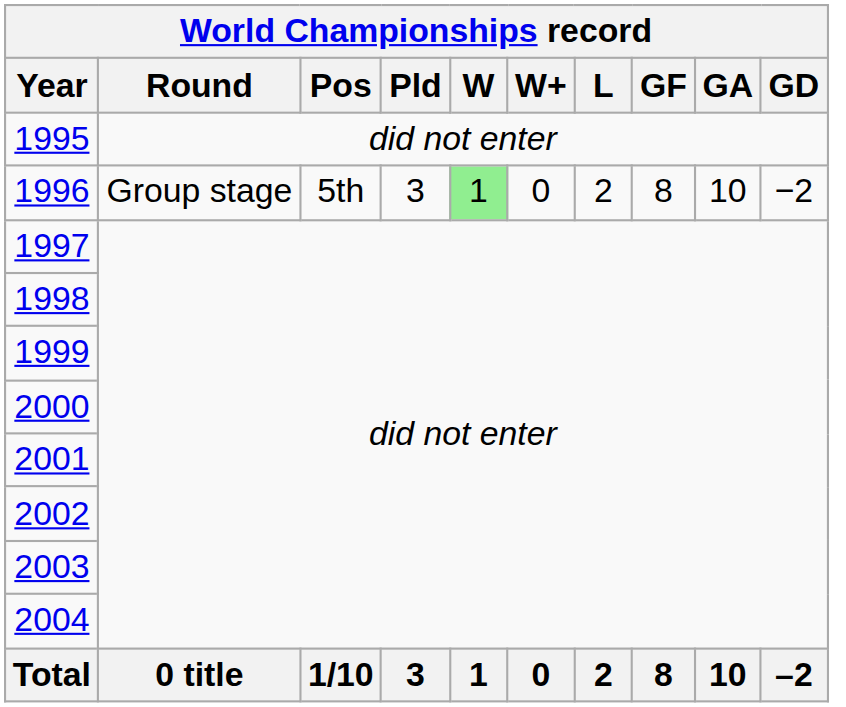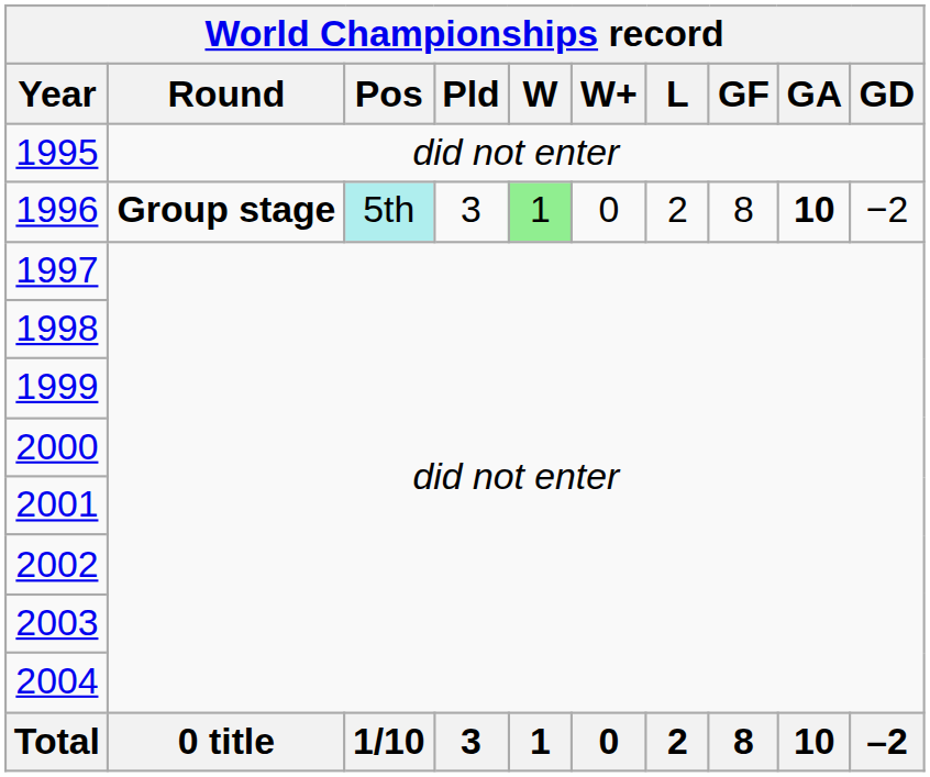 <table class="wikitable" style="text-align: center;">
 <tr>
 <th colspan=10><a href='#'>World Championships</a> record</th>
 </tr>
 <tr>
 <th>Year</th>
 <th>Round</th>
 <th width=20>Pos</th>
 <th width=20>Pld</th>
 <th width=20>W</th>
 <th width=20>W+</th>
 <th width=20>L</th>
 <th width=20>GF</th>
 <th width=20>GA</th>
 <th width=20>GD</th>
 </tr>
 <tr>
 <td> <a href='#'>1995</a></td>
 <td colspan=9><em>did not enter</em></td>
 </tr>
 <tr>
 <td> <a href='#'>1996</a></td>
-<td>Group stage</td>
-<td>5th</td>
+<td><strong>Group stage</strong></td>
+<td style="background: paleturquoise;">5th</td>
 <td>3</td>
 <td style="background: lightgreen;">1</td>
 <td>0</td>
 <td>2</td>
 <td>8</td>
-<td>10</td>
+<td><strong>10</strong></td>
 <td>−2</td>
 </tr>
 <tr>
 <td> <a href='#'>1997</a></td>
 <td rowspan=8 colspan=9><em>did not enter</em></td>
 </tr>
 <tr>
 <td> <a href='#'>1998</a></td>
 </tr>
 <tr>
 <td> <a href='#'>1999</a></td>
 </tr>
 <tr>
 <td> <a href='#'>2000</a></td>
 </tr>
 <tr>
 <td> <a href='#'>2001</a></td>
 </tr>
 <tr>
 <td> <a href='#'>2002</a></td>
 </tr>
 <tr>
 <td> <a href='#'>2003</a></td>
 </tr>
 <tr>
 <td> <a href='#'>2004</a></td>
 </tr>
 <tr>
 <th>Total</th>
 <th>0 title</th>
 <th>1/10</th>
 <th>3</th>
 <th>1</th>
 <th>0</th>
 <th>2</th>
 <th>8</th>
 <th>10</th>
 <th>–2</th>
 </tr>
 </table>
